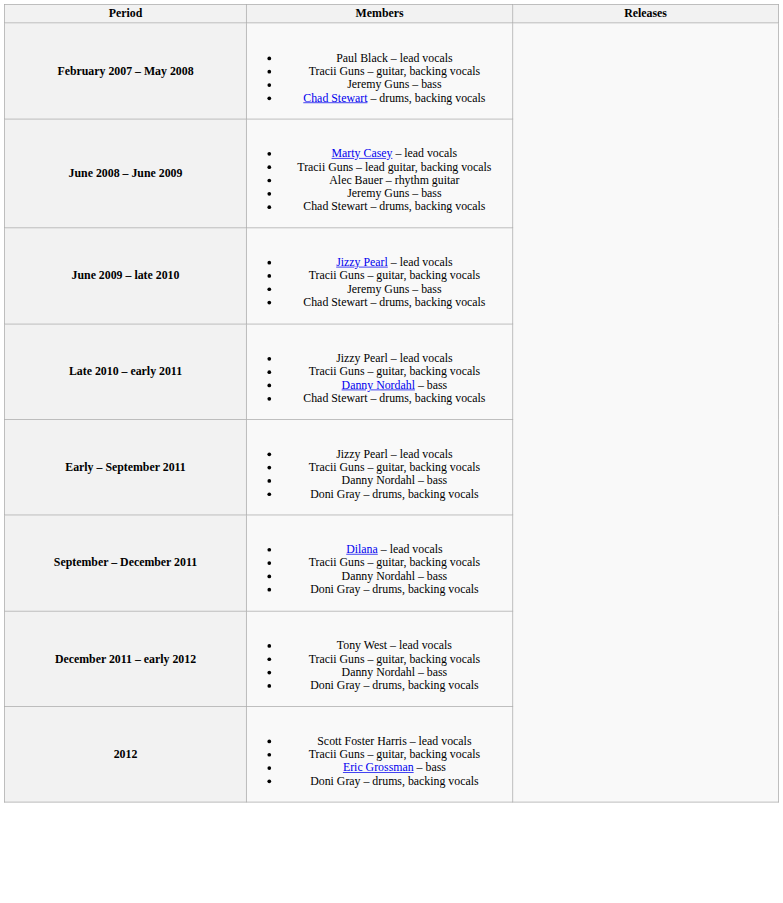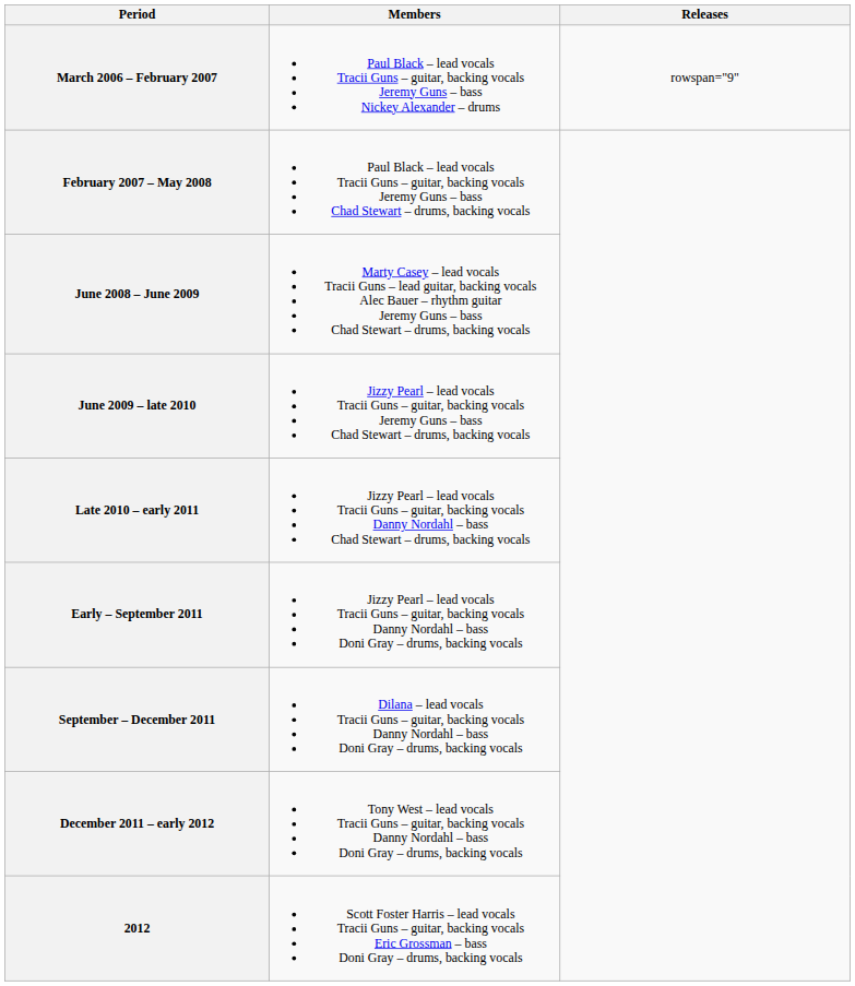 <table class="wikitable plainrowheaders" style="text-align:center;">
 <tr>
 <th scope="col" style="width:20em;">Period</th>
 <th scope="col" style="width:22em;">Members</th>
 <th scope="col" style="width:22em;">Releases</th>
+</tr>
+<tr>
+<th scope="col">March 2006 – February 2007</th>
+<td><br><ul><li><a href='#'>Paul Black</a> – lead vocals</li><li><a href='#'>Tracii Guns</a> – guitar, backing vocals</li><li><a href='#'>Jeremy Guns</a> – bass</li><li><a href='#'>Nickey Alexander</a> – drums</li></ul></td>
+<td>rowspan="9" </td>
 </tr>
 <tr>
 <th scope="col">February 2007 – May 2008</th>
 <td><br><ul><li>Paul Black – lead vocals</li><li>Tracii Guns – guitar, backing vocals</li><li>Jeremy Guns – bass</li><li><a href='#'>Chad Stewart</a> – drums, backing vocals</li></ul></td>
 </tr>
 <tr>
 <th scope="col">June 2008 – June 2009</th>
 <td><br><ul><li><a href='#'>Marty Casey</a> – lead vocals</li><li>Tracii Guns – lead guitar, backing vocals</li><li>Alec Bauer – rhythm guitar</li><li>Jeremy Guns – bass</li><li>Chad Stewart – drums, backing vocals</li></ul></td>
 </tr>
 <tr>
 <th scope="col">June 2009 – late 2010</th>
 <td><br><ul><li><a href='#'>Jizzy Pearl</a> – lead vocals</li><li>Tracii Guns – guitar, backing vocals</li><li>Jeremy Guns – bass</li><li>Chad Stewart – drums, backing vocals</li></ul></td>
 </tr>
 <tr>
 <th scope="col">Late 2010 – early 2011</th>
 <td><br><ul><li>Jizzy Pearl – lead vocals</li><li>Tracii Guns – guitar, backing vocals</li><li><a href='#'>Danny Nordahl</a> – bass</li><li>Chad Stewart – drums, backing vocals</li></ul></td>
 </tr>
 <tr>
 <th scope="col">Early – September 2011</th>
 <td><br><ul><li>Jizzy Pearl – lead vocals</li><li>Tracii Guns – guitar, backing vocals</li><li>Danny Nordahl – bass</li><li>Doni Gray – drums, backing vocals</li></ul></td>
 </tr>
 <tr>
 <th scope="col">September – December 2011</th>
 <td><br><ul><li><a href='#'>Dilana</a> – lead vocals</li><li>Tracii Guns – guitar, backing vocals</li><li>Danny Nordahl – bass</li><li>Doni Gray – drums, backing vocals</li></ul></td>
 </tr>
 <tr>
 <th scope="col">December 2011 – early 2012</th>
 <td><br><ul><li>Tony West – lead vocals</li><li>Tracii Guns – guitar, backing vocals</li><li>Danny Nordahl – bass</li><li>Doni Gray – drums, backing vocals</li></ul></td>
 </tr>
 <tr>
 <th scope="col">2012</th>
 <td><br><ul><li>Scott Foster Harris – lead vocals</li><li>Tracii Guns – guitar, backing vocals</li><li><a href='#'>Eric Grossman</a> – bass</li><li>Doni Gray – drums, backing vocals</li></ul></td>
 </tr>
 </table>
